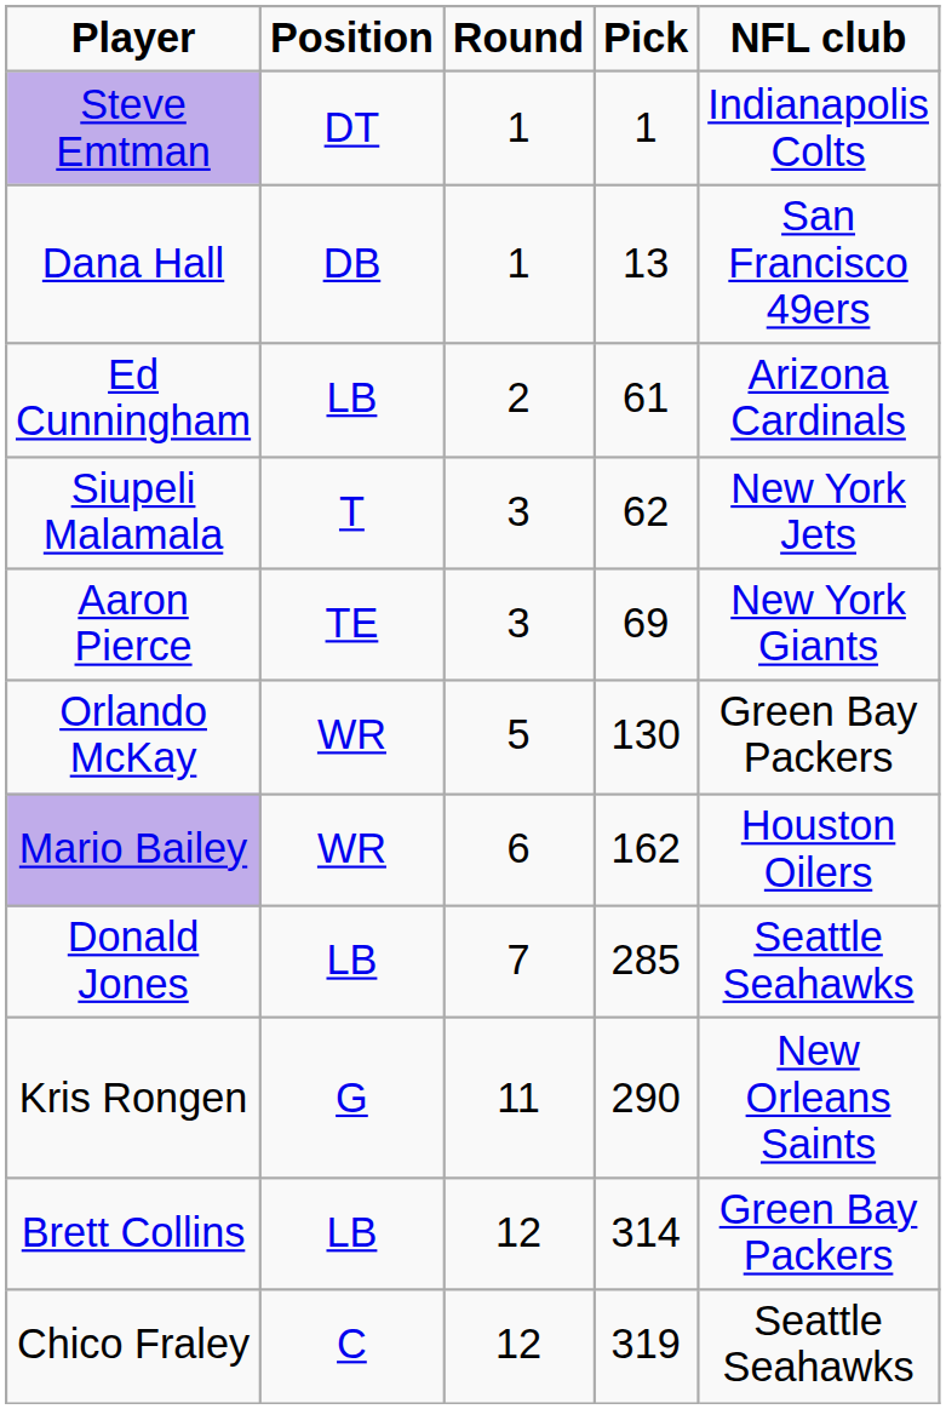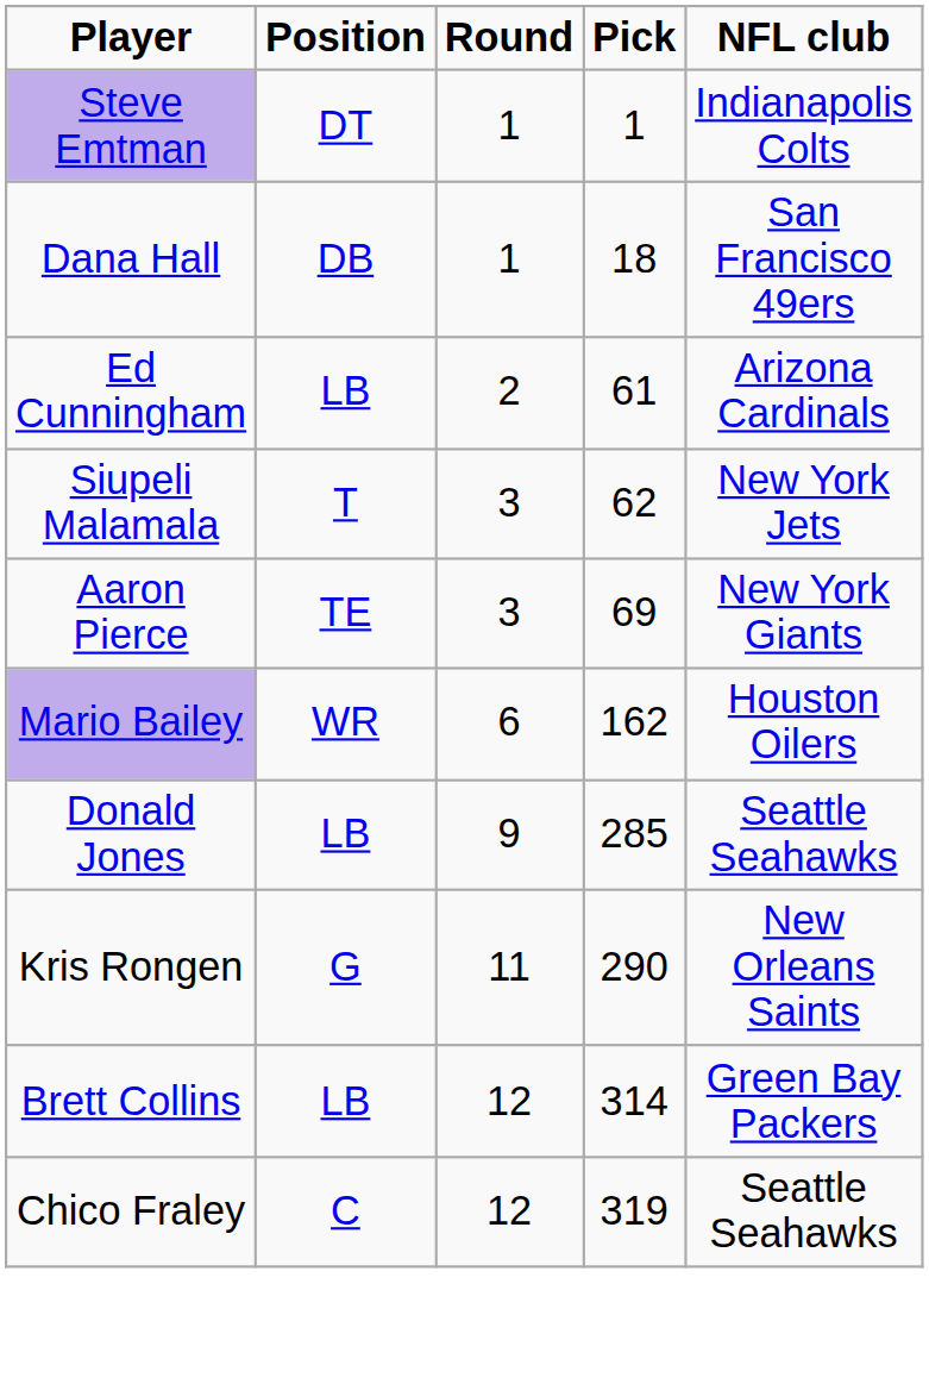 <table class="wikitable" style="width:50%;">
 <tr align="center">
 <td><strong>Player</strong></td>
 <td><strong>Position</strong></td>
 <td><strong>Round</strong></td>
 <td><strong>Pick</strong></td>
 <td><strong>NFL club</strong></td>
 </tr>
 <tr style="text-align:center;" bgcolor="">
 <td bgcolor="C0ACEA"><a href='#'>Steve Emtman</a></td>
 <td><a href='#'>DT</a></td>
 <td>1</td>
 <td>1</td>
 <td><a href='#'>Indianapolis Colts</a></td>
 </tr>
 <tr style="text-align:center;" bgcolor="">
 <td><a href='#'>Dana Hall</a></td>
 <td><a href='#'>DB</a></td>
 <td>1</td>
-<td>13</td>
+<td>18</td>
 <td><a href='#'>San Francisco 49ers</a></td>
 </tr>
 <tr style="text-align:center;" bgcolor="">
 <td><a href='#'>Ed Cunningham</a></td>
 <td><a href='#'>LB</a></td>
 <td>2</td>
 <td>61</td>
 <td><a href='#'>Arizona Cardinals</a></td>
 </tr>
 <tr style="text-align:center;" bgcolor="">
 <td><a href='#'>Siupeli Malamala</a></td>
 <td><a href='#'>T</a></td>
 <td>3</td>
 <td>62</td>
 <td><a href='#'>New York Jets</a></td>
 </tr>
 <tr style="text-align:center;" bgcolor="">
 <td><a href='#'>Aaron Pierce</a></td>
 <td><a href='#'>TE</a></td>
 <td>3</td>
 <td>69</td>
 <td><a href='#'>New York Giants</a></td>
 </tr>
 <tr style="text-align:center;" bgcolor="">
-<td><a href='#'>Orlando McKay</a></td>
-<td><a href='#'>WR</a></td>
-<td>5</td>
-<td>130</td>
-<td>Green Bay Packers</td>
-</tr>
-<tr style="text-align:center;" bgcolor="">
 <td bgcolor="C0ACEA"><a href='#'>Mario Bailey</a></td>
 <td><a href='#'>WR</a></td>
 <td>6</td>
 <td>162</td>
 <td><a href='#'>Houston Oilers</a></td>
 </tr>
 <tr style="text-align:center;" bgcolor="">
 <td><a href='#'>Donald Jones</a></td>
 <td><a href='#'>LB</a></td>
-<td>7</td>
+<td>9</td>
 <td>285</td>
 <td><a href='#'>Seattle Seahawks</a></td>
 </tr>
 <tr style="text-align:center;" bgcolor="">
 <td>Kris Rongen</td>
 <td><a href='#'>G</a></td>
 <td>11</td>
 <td>290</td>
 <td><a href='#'>New Orleans Saints</a></td>
 </tr>
 <tr style="text-align:center;" bgcolor="">
 <td><a href='#'>Brett Collins</a></td>
 <td><a href='#'>LB</a></td>
 <td>12</td>
 <td>314</td>
 <td><a href='#'>Green Bay Packers</a></td>
 </tr>
 <tr style="text-align:center;" bgcolor="">
 <td>Chico Fraley</td>
 <td><a href='#'>C</a></td>
 <td>12</td>
 <td>319</td>
 <td>Seattle Seahawks</td>
 </tr>
 </table>
